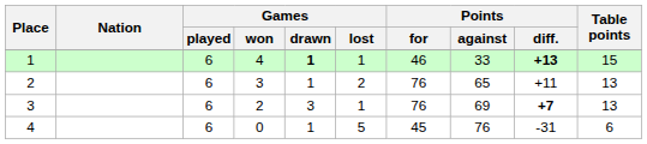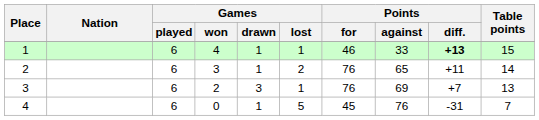 <table class="wikitable">
 <tr>
 <th rowspan=2 width="8%">Place</th>
 <th rowspan=2 width="20%">Nation</th>
 <th colspan=4 width="32%">Games</th>
 <th colspan=3 width="30%">Points</th>
 <th rowspan=2 width="10%">Table<br>points</th>
 </tr>
 <tr>
 <th width="8%">played</th>
 <th width="8%">won</th>
 <th width="8%">drawn</th>
 <th width="8%">lost</th>
 <th width="10%">for</th>
 <th width="10%">against</th>
 <th width="10%">diff.</th>
 </tr>
 <tr>
 </tr>
 <tr bgcolor=#ccffcc align=center>
 <td>1</td>
 <td align=left><strong></strong></td>
 <td>6</td>
 <td>4</td>
-<td><strong>1</strong></td>
+<td>1</td>
 <td>1</td>
 <td>46</td>
 <td>33</td>
 <td><strong>+13</strong></td>
 <td>15</td>
 </tr>
 <tr bgcolor=#ffffff align=center>
 <td>2</td>
 <td align=left></td>
 <td>6</td>
 <td>3</td>
 <td>1</td>
 <td>2</td>
 <td>76</td>
 <td>65</td>
 <td>+11</td>
-<td>13</td>
+<td>14</td>
 </tr>
 <tr bgcolor=#ffffff align=center>
 <td>3</td>
 <td align=left></td>
 <td>6</td>
 <td>2</td>
 <td>3</td>
 <td>1</td>
 <td>76</td>
 <td>69</td>
-<td><strong>+7</strong></td>
+<td>+7</td>
 <td>13</td>
 </tr>
 <tr bgcolor=#ffffff align=center>
 <td>4</td>
 <td align=left></td>
 <td>6</td>
 <td>0</td>
 <td>1</td>
 <td>5</td>
 <td>45</td>
 <td>76</td>
 <td>-31</td>
-<td>6</td>
+<td>7</td>
 </tr>
 </table>
